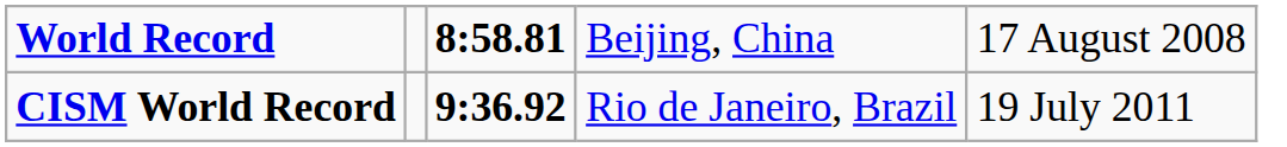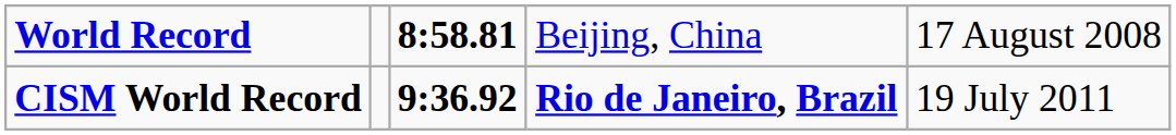 <table class="wikitable">
 <tr>
 <td><strong><a href='#'>World Record</a></strong></td>
 <td></td>
 <td><strong>8:58.81</strong></td>
 <td><a href='#'>Beijing</a>, <a href='#'>China</a></td>
 <td>17 August 2008</td>
 </tr>
 <tr>
 <td><strong><a href='#'>CISM</a> World Record</strong></td>
 <td></td>
 <td><strong>9:36.92</strong></td>
-<td><a href='#'>Rio de Janeiro</a>, <a href='#'>Brazil</a></td>
+<td><strong><a href='#'>Rio de Janeiro</a>, <a href='#'>Brazil</a></strong></td>
 <td>19 July 2011</td>
 </tr>
 </table>
